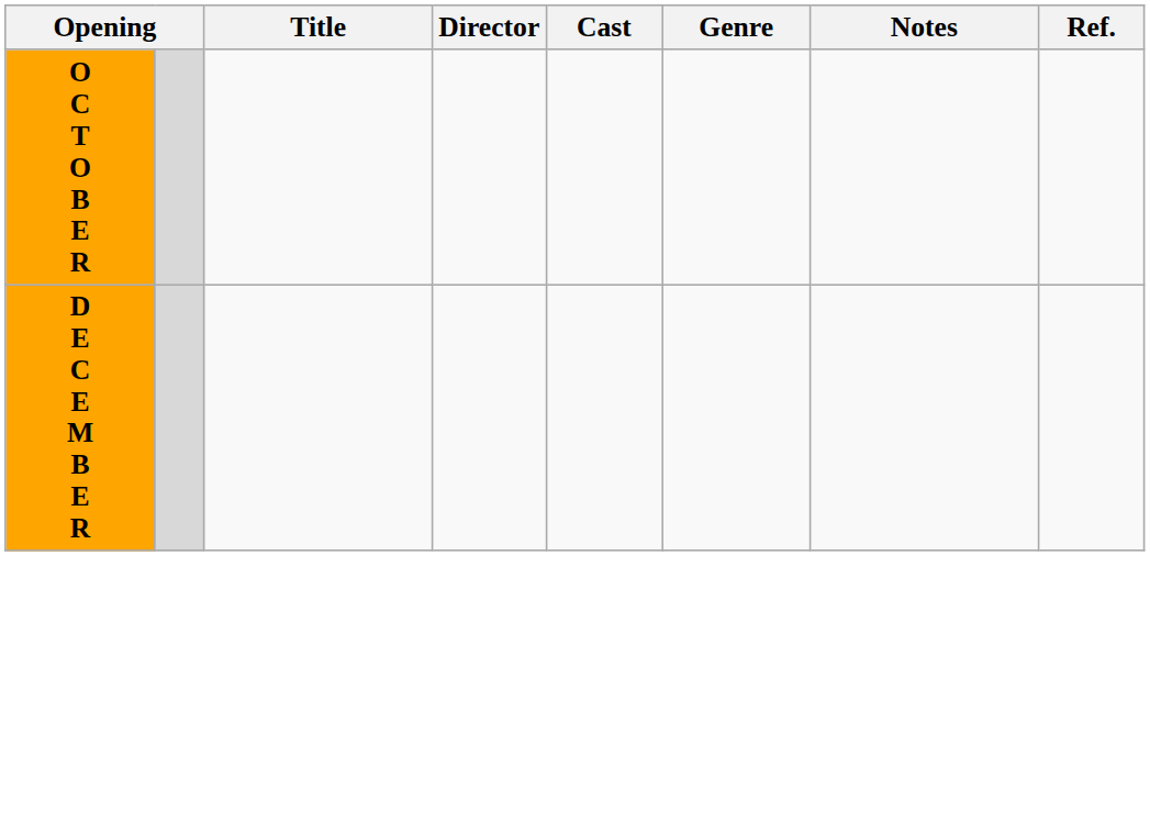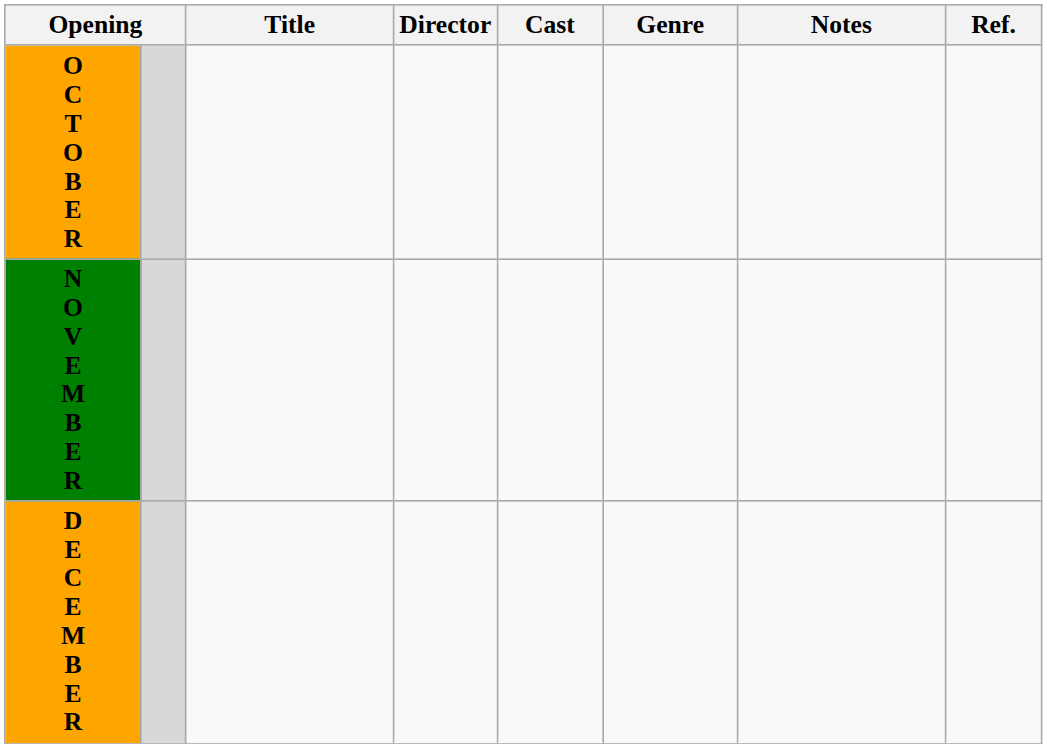 <table class="wikitable">
 <tr>
 <th colspan="2">Opening</th>
 <th style="width:20%;">Title</th>
 <th style="width:10%;">Director</th>
 <th>Cast</th>
 <th style="width:13%">Genre</th>
 <th style="width:20%">Notes</th>
 <th>Ref.</th>
 </tr>
 <tr>
 <td style="text-align:center; background:orange; textcolor:#000;"><strong>O<br>C<br>T<br>O<br>B<br>E<br>R<br></strong></td>
 <td rowspan="1" style="text-align:center; background:#d8d8d8; textcolor:#000;"></td>
 <td></td>
 <td></td>
 <td></td>
 <td></td>
 <td></td>
 <td></td>
 </tr>
 <tr>
+<td style="text-align:center; background:green; textcolor:#000;"><strong>N<br>O<br>V<br>E<br>M<br>B<br>E<br>R<br></strong></td>
+<td rowspan="1" style="text-align:center; background:#d8d8d8; textcolor:#000;"></td>
+<td></td>
+<td></td>
+<td></td>
+<td></td>
+<td></td>
+<td></td>
+</tr>
+<tr>
 <td rowspan="1" style="text-align:center; background:orange; textcolor:#000;"><strong>D<br>E<br>C<br>E<br>M<br>B<br>E<br>R<br></strong></td>
 <td rowspan="1" style="text-align:center; background:#d8d8d8; textcolor:#000;"></td>
 <td></td>
 <td></td>
 <td></td>
 <td></td>
 <td></td>
 <td></td>
 </tr>
 </table>
